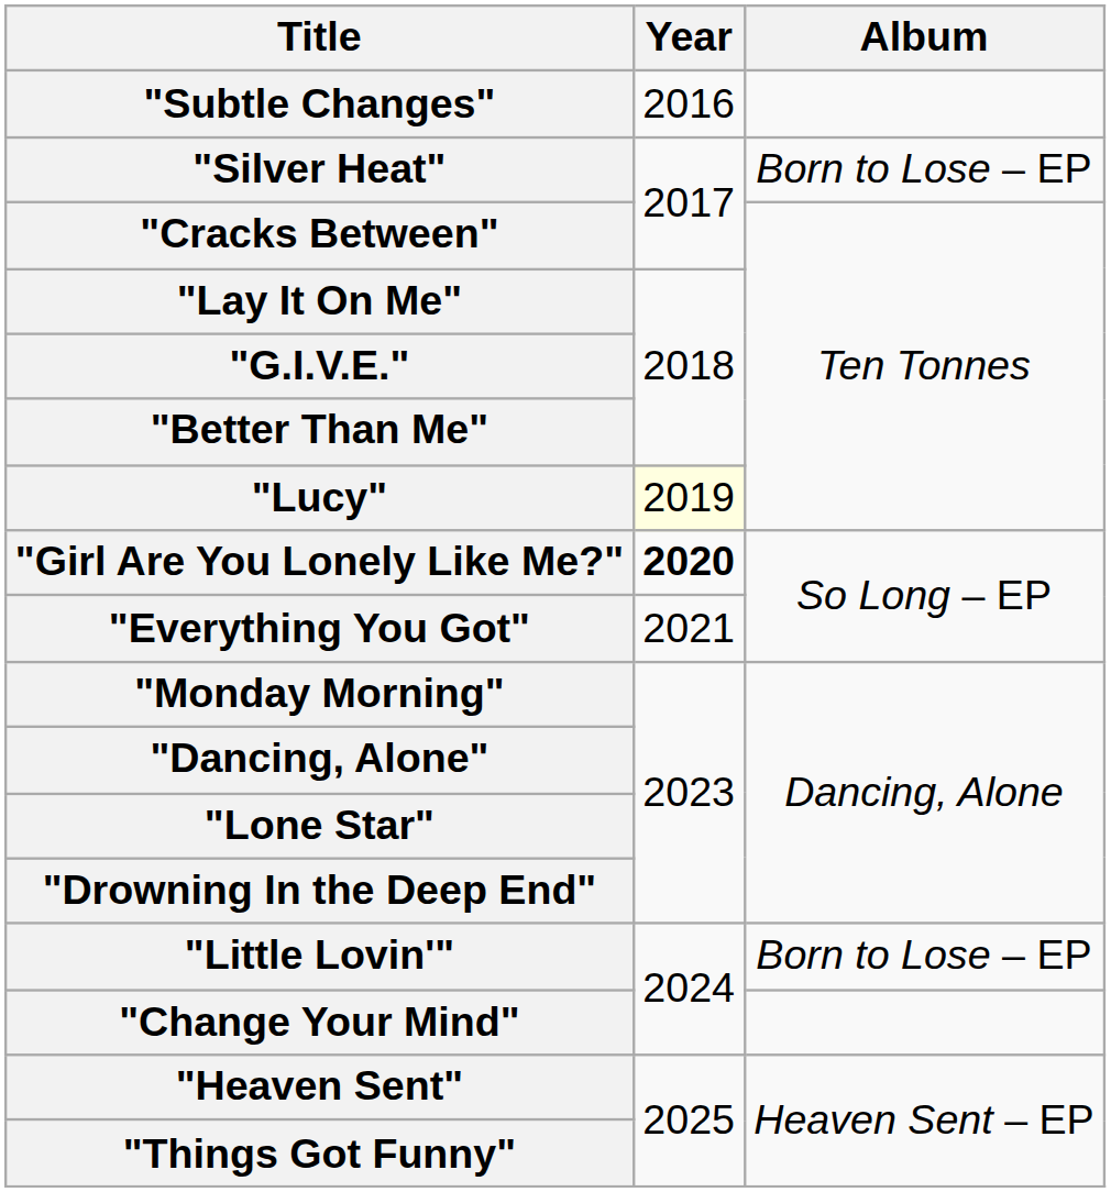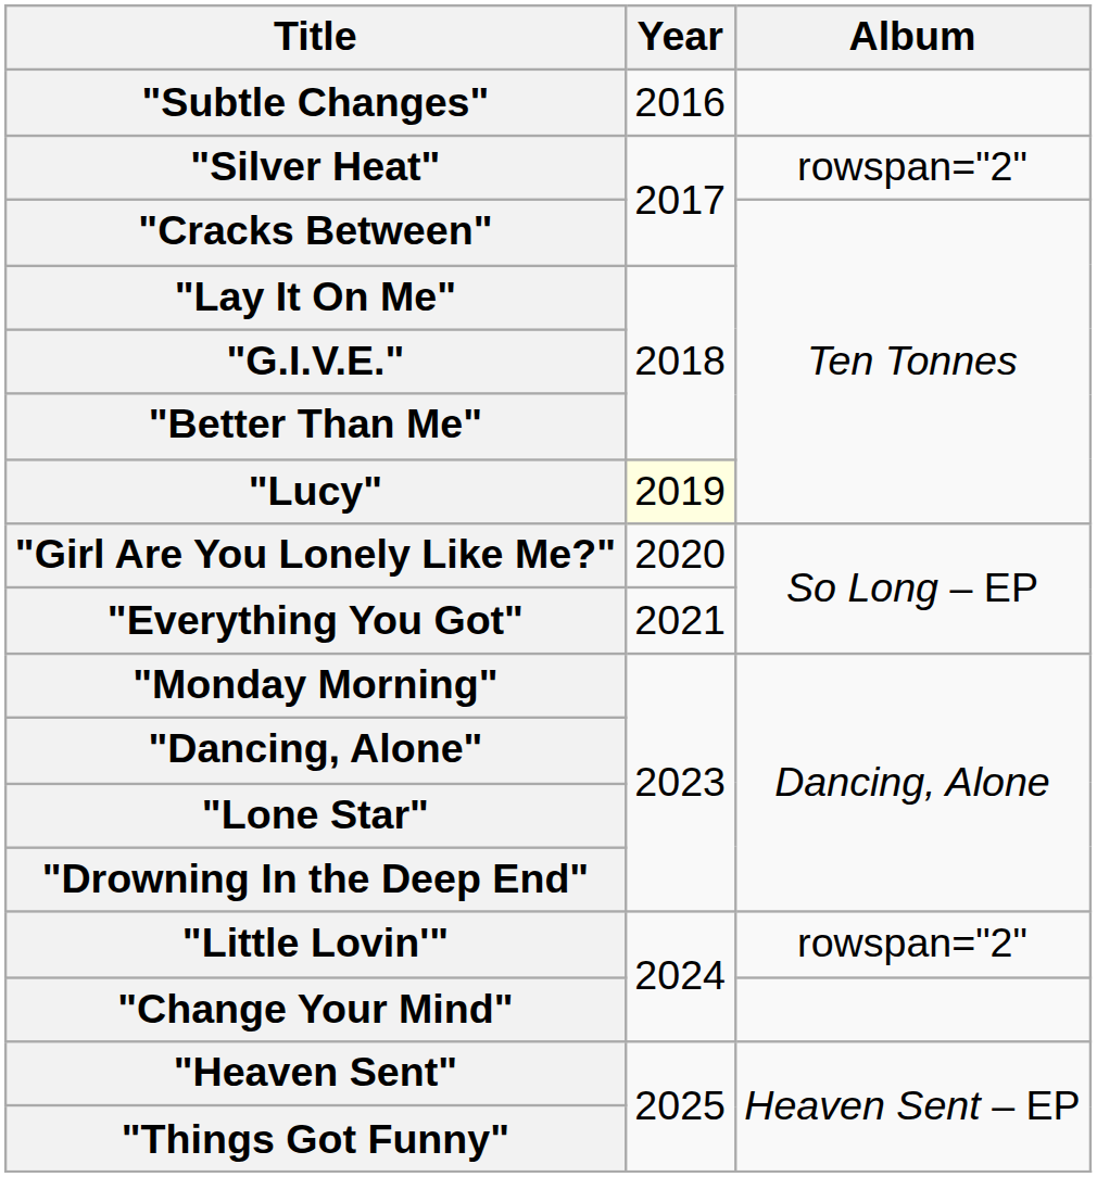 <table class="wikitable plainrowheaders" style="text-align:center;">
 <tr>
 <th scope="col">Title</th>
 <th scope="col">Year</th>
 <th scope="col">Album</th>
 </tr>
 <tr>
 <th scope="row">"Subtle Changes"</th>
 <td>2016</td>
 <td></td>
 </tr>
 <tr>
 <th scope="row">"Silver Heat"</th>
 <td rowspan="2">2017</td>
-<td><em>Born to Lose</em> – EP</td>
+<td>rowspan="2" </td>
 </tr>
 <tr>
 <th scope="row">"Cracks Between"</th>
 <td rowspan="5"><em>Ten Tonnes</em></td>
 </tr>
 <tr>
 <th scope="row">"Lay It On Me"</th>
 <td rowspan="3">2018</td>
 </tr>
 <tr>
 <th scope="row">"G.I.V.E."</th>
 </tr>
 <tr>
 <th scope="row">"Better Than Me"</th>
 </tr>
 <tr>
 <th scope="row">"Lucy"</th>
 <td style="background: lightyellow;">2019</td>
 </tr>
 <tr>
 <th scope="row">"Girl Are You Lonely Like Me?"</th>
-<td><strong>2020</strong></td>
+<td>2020</td>
 <td rowspan="2"><em>So Long</em> – EP</td>
 </tr>
 <tr>
 <th scope="row">"Everything You Got"</th>
 <td>2021</td>
 </tr>
 <tr>
 <th scope="row">"Monday Morning"</th>
 <td rowspan="4">2023</td>
 <td rowspan="4"><em>Dancing, Alone</em></td>
 </tr>
 <tr>
 <th scope="row">"Dancing, Alone"</th>
 </tr>
 <tr>
 <th scope="row">"Lone Star"</th>
 </tr>
 <tr>
 <th scope="row">"Drowning In the Deep End"</th>
 </tr>
 <tr>
 <th scope="row">"Little Lovin'"</th>
 <td rowspan="2">2024</td>
-<td><em>Born to Lose</em> – EP</td>
+<td>rowspan="2" </td>
 </tr>
 <tr>
 <th scope="row">"Change Your Mind"</th>
 </tr>
 <tr>
 <th scope="row">"Heaven Sent"</th>
 <td rowspan="2">2025</td>
 <td rowspan="2"><em>Heaven Sent</em> – EP</td>
 </tr>
 <tr>
 <th scope="row">"Things Got Funny"</th>
 </tr>
 <tr>
 </tr>
 </table>
